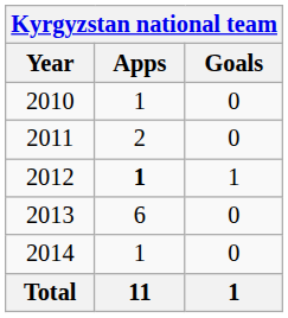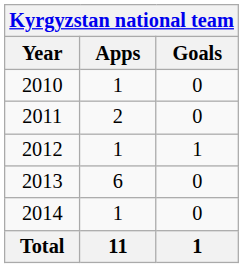 <table class="wikitable" style="text-align:center">
 <tr>
 <th colspan=3><a href='#'>Kyrgyzstan national team</a></th>
 </tr>
 <tr>
 <th>Year</th>
 <th>Apps</th>
 <th>Goals</th>
 </tr>
 <tr>
 <td>2010</td>
 <td>1</td>
 <td>0</td>
 </tr>
 <tr>
 <td>2011</td>
 <td>2</td>
 <td>0</td>
 </tr>
 <tr>
 <td>2012</td>
-<td><strong>1</strong></td>
+<td>1</td>
 <td>1</td>
 </tr>
 <tr>
 <td>2013</td>
 <td>6</td>
 <td>0</td>
 </tr>
 <tr>
 <td>2014</td>
 <td>1</td>
 <td>0</td>
 </tr>
 <tr>
 <th>Total</th>
 <th>11</th>
 <th>1</th>
 </tr>
 </table>
